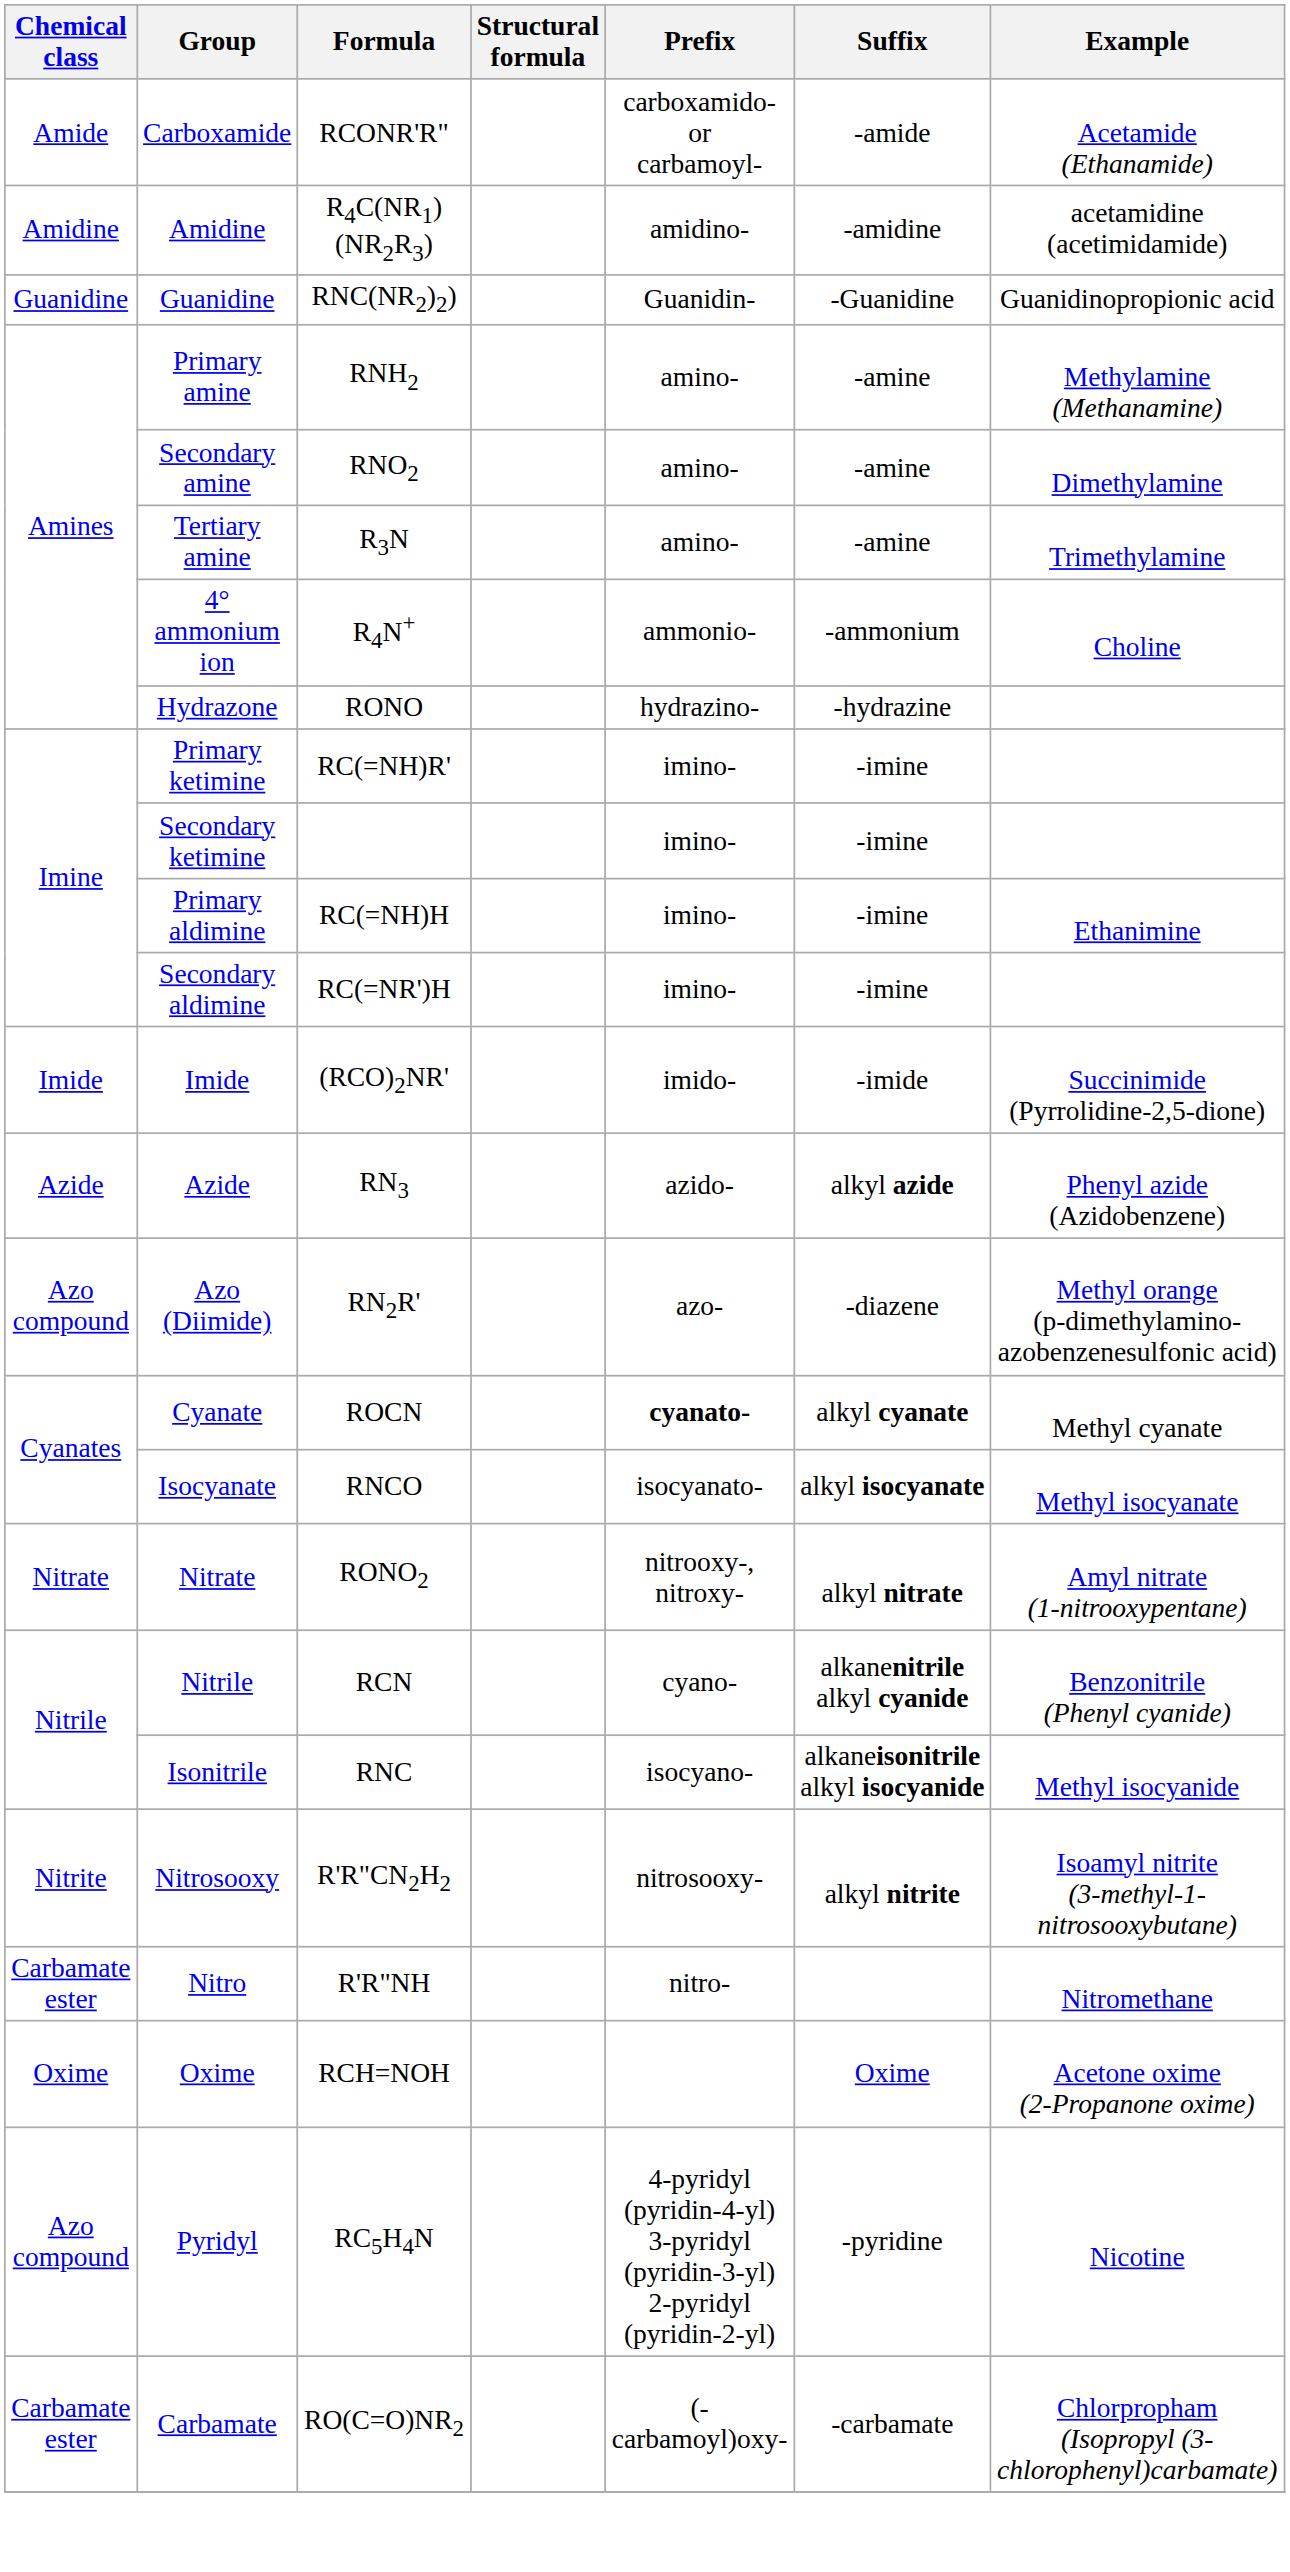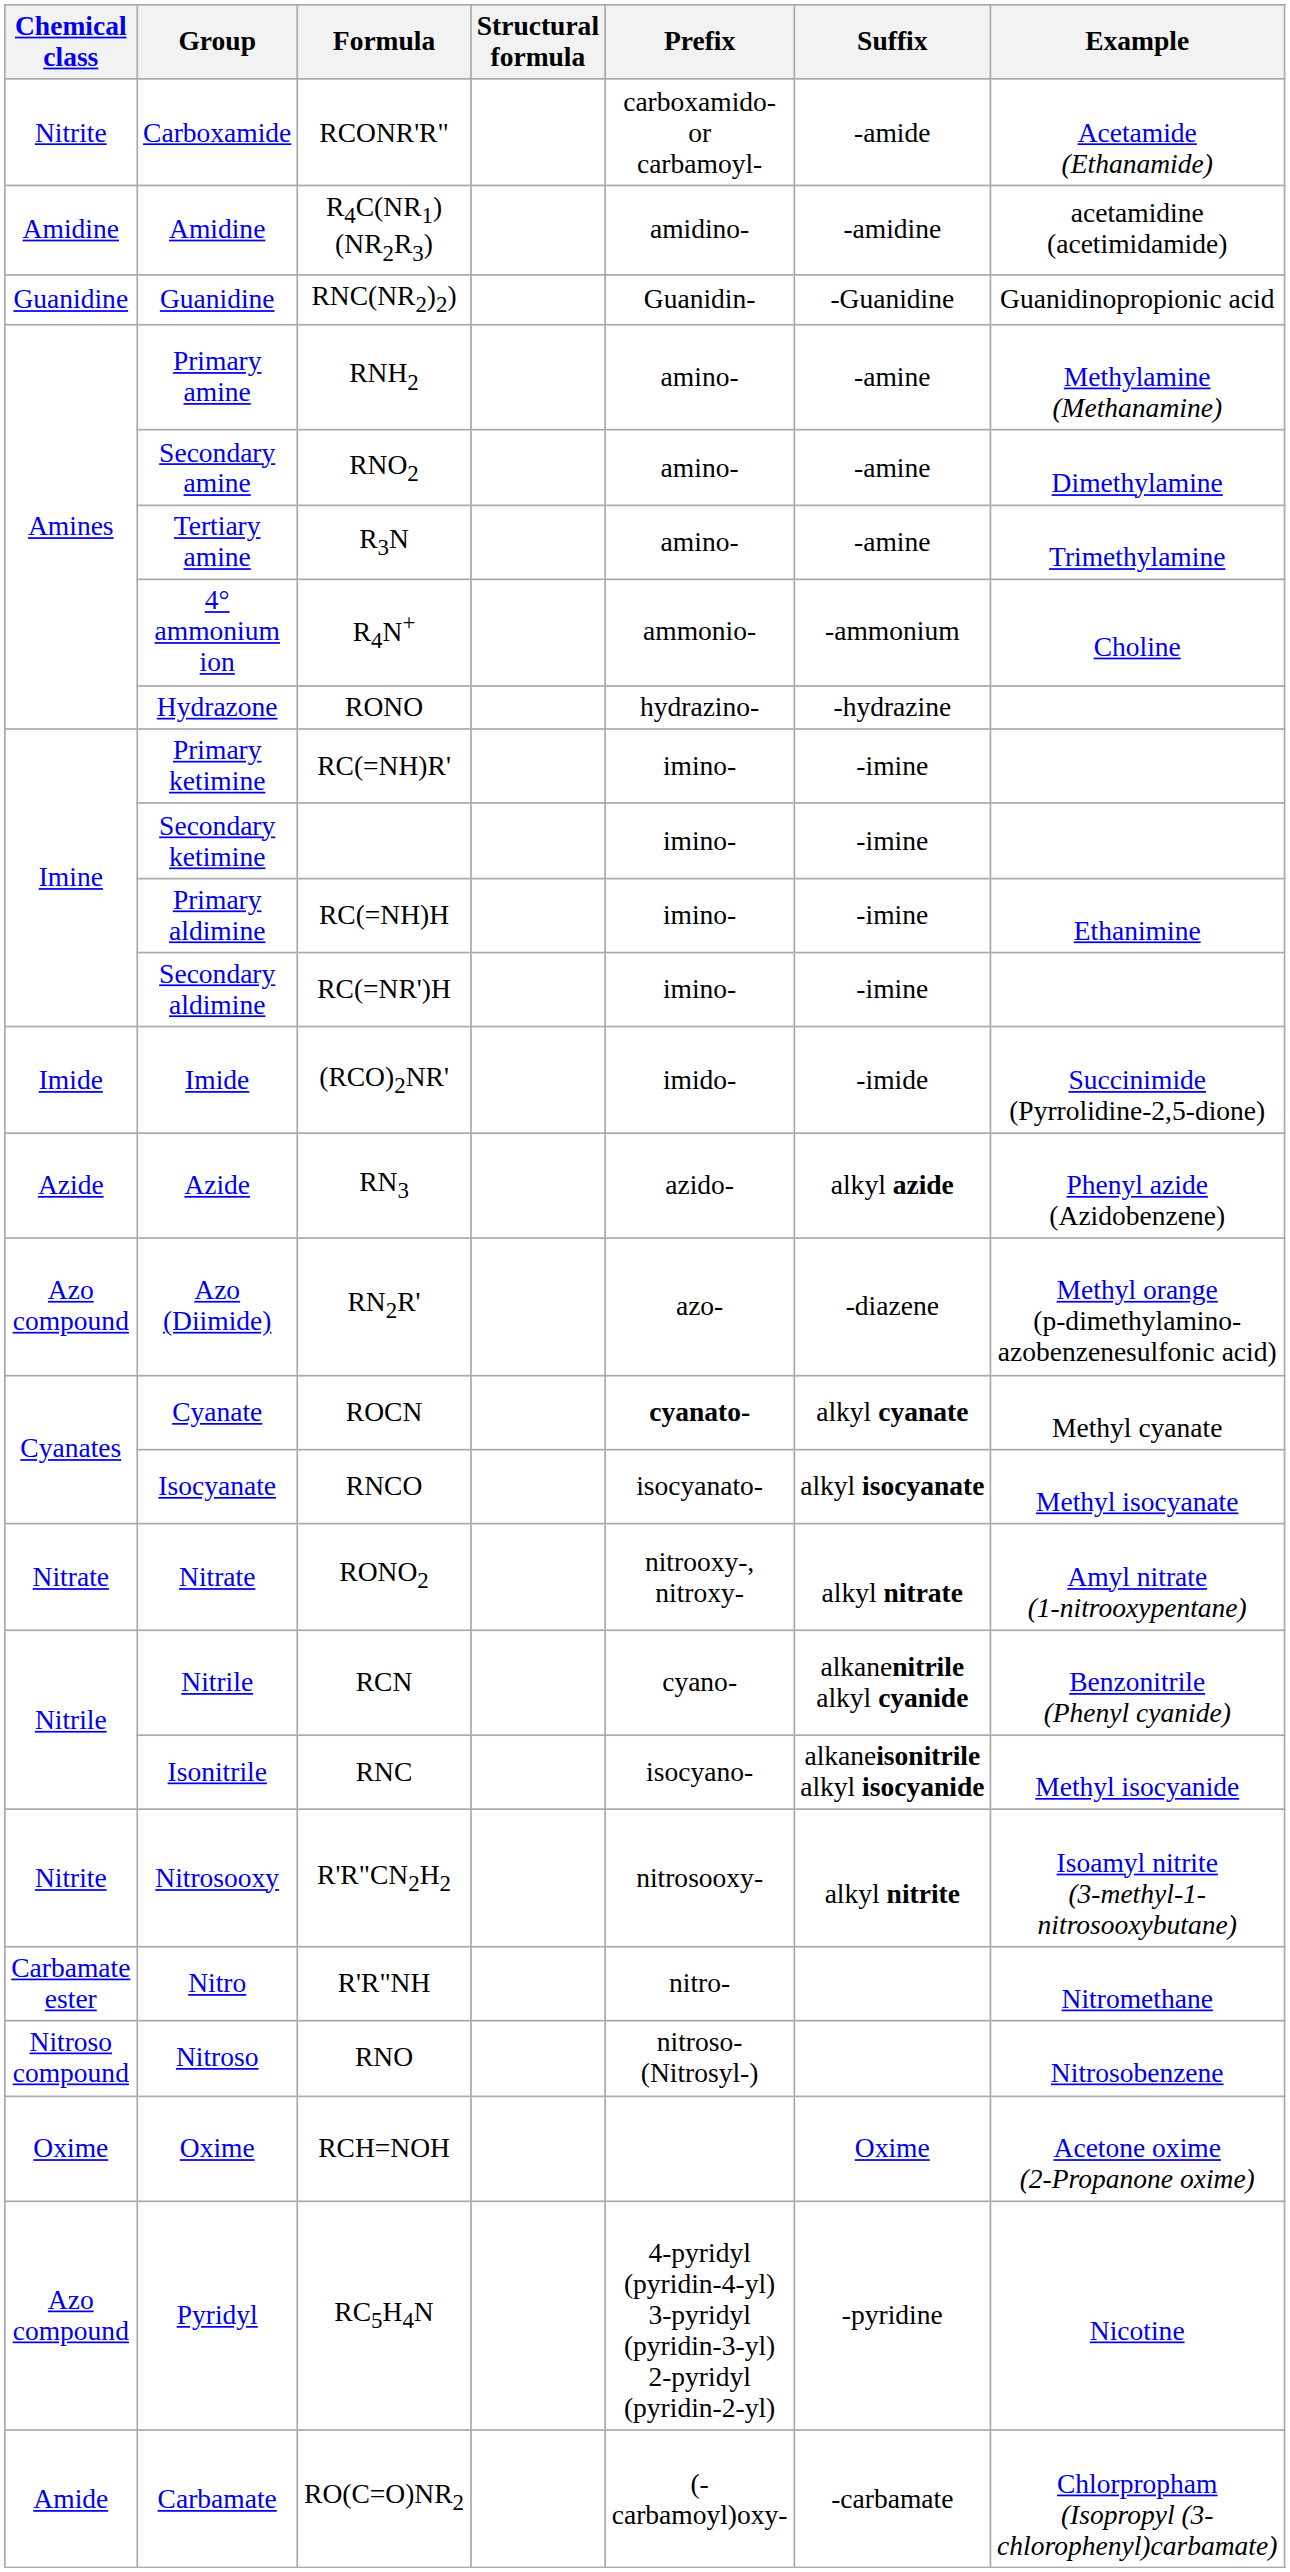 <table class="wikitable" style="background: #ffffff; text-align: center;width:700px">
 <tr>
 <th><a href='#'>Chemical class</a></th>
 <th>Group</th>
 <th>Formula</th>
 <th>Structural formula</th>
 <th>Prefix</th>
 <th>Suffix</th>
 <th>Example</th>
 </tr>
 <tr>
-<td><a href='#'>Amide</a></td>
+<td><a href='#'>Nitrite</a></td>
 <td><a href='#'>Carboxamide</a></td>
 <td>RCONR'R"</td>
 <td></td>
 <td>carboxamido-<br>or<br>carbamoyl-</td>
 <td>-amide</td>
 <td><br><a href='#'>Acetamide</a><br><em>(Ethanamide)</em></td>
 </tr>
 <tr>
 <td><a href='#'>Amidine</a></td>
 <td><a href='#'>Amidine</a></td>
 <td>R<sub>4</sub>C(NR<sub>1</sub>)(NR<sub>2</sub>R<sub>3</sub>)</td>
 <td></td>
 <td>amidino-</td>
 <td>-amidine</td>
 <td>acetamidine<br>(acetimidamide)</td>
 </tr>
 <tr>
 <td><a href='#'>Guanidine</a></td>
 <td><a href='#'>Guanidine</a></td>
 <td>RNC(NR<sub>2</sub>)<sub>2</sub>)</td>
 <td></td>
 <td>Guanidin-</td>
 <td>-Guanidine</td>
 <td>Guanidinopropionic acid</td>
 </tr>
 <tr>
 <td rowspan="5"><a href='#'>Amines</a></td>
 <td><a href='#'>Primary amine</a></td>
 <td>RNH<sub>2</sub></td>
 <td></td>
 <td>amino-</td>
 <td>-amine</td>
 <td><br><a href='#'>Methylamine</a><br><em>(Methanamine)</em></td>
 </tr>
 <tr>
 <td><a href='#'>Secondary amine</a></td>
 <td>RNO<sub>2</sub></td>
 <td></td>
 <td>amino-</td>
 <td>-amine</td>
 <td><br><a href='#'>Dimethylamine</a></td>
 </tr>
 <tr>
 <td><a href='#'>Tertiary amine</a></td>
 <td>R<sub>3</sub>N</td>
 <td></td>
 <td>amino-</td>
 <td>-amine</td>
 <td><br><a href='#'>Trimethylamine</a></td>
 </tr>
 <tr>
 <td><a href='#'>4° ammonium ion</a></td>
 <td>R<sub>4</sub>N<sup>+</sup></td>
 <td></td>
 <td>ammonio-</td>
 <td>-ammonium</td>
 <td><br><a href='#'>Choline</a></td>
 </tr>
 <tr>
 <td><a href='#'>Hydrazone</a></td>
 <td>RONO</td>
 <td></td>
 <td>hydrazino-</td>
 <td>-hydrazine</td>
 <td></td>
 </tr>
 <tr>
 <td rowspan="4"><a href='#'>Imine</a></td>
 <td><a href='#'>Primary ketimine</a></td>
 <td>RC(=NH)R'</td>
 <td></td>
 <td>imino-</td>
 <td>-imine</td>
 <td></td>
 </tr>
 <tr>
 <td><a href='#'>Secondary ketimine</a></td>
 <td></td>
 <td></td>
 <td>imino-</td>
 <td>-imine</td>
 <td></td>
 </tr>
 <tr>
 <td><a href='#'>Primary aldimine</a></td>
 <td>RC(=NH)H</td>
 <td></td>
 <td>imino-</td>
 <td>-imine</td>
 <td><br><a href='#'>Ethanimine</a></td>
 </tr>
 <tr>
 <td><a href='#'>Secondary aldimine</a></td>
 <td>RC(=NR')H</td>
 <td></td>
 <td>imino-</td>
 <td>-imine</td>
 <td></td>
 </tr>
 <tr>
 <td><a href='#'>Imide</a></td>
 <td><a href='#'>Imide</a></td>
 <td>(RCO)<sub>2</sub>NR'</td>
 <td></td>
 <td>imido-</td>
 <td>-imide</td>
 <td><br><a href='#'>Succinimide</a><br>(Pyrrolidine-2,5-dione)</td>
 </tr>
 <tr>
 <td><a href='#'>Azide</a></td>
 <td><a href='#'>Azide</a></td>
 <td>RN<sub>3</sub></td>
 <td></td>
 <td>azido-</td>
 <td>alkyl <strong>azide</strong></td>
 <td><br><a href='#'>Phenyl azide</a><br>(Azidobenzene)</td>
 </tr>
 <tr>
 <td><a href='#'>Azo compound</a></td>
 <td><a href='#'>Azo<br>(Diimide)</a></td>
 <td>RN<sub>2</sub>R'</td>
 <td></td>
 <td>azo-</td>
 <td>-diazene</td>
 <td><br><a href='#'>Methyl orange</a><br>(p-dimethylamino-azobenzenesulfonic acid)</td>
 </tr>
 <tr>
 <td rowspan=2><a href='#'>Cyanates</a></td>
 <td><a href='#'>Cyanate</a></td>
 <td>ROCN</td>
 <td></td>
 <td><strong>cyanato-</strong></td>
 <td>alkyl <strong>cyanate</strong></td>
 <td><br>Methyl cyanate</td>
 </tr>
 <tr>
 <td><a href='#'>Isocyanate</a></td>
 <td>RNCO</td>
 <td></td>
 <td>isocyanato-</td>
 <td>alkyl <strong>isocyanate</strong></td>
 <td><br><a href='#'>Methyl isocyanate</a></td>
 </tr>
 <tr>
 <td><a href='#'>Nitrate</a></td>
 <td><a href='#'>Nitrate</a></td>
 <td>RONO<sub>2</sub></td>
 <td></td>
 <td>nitrooxy-, nitroxy-</td>
 <td><br>alkyl <strong>nitrate</strong></td>
 <td><br><a href='#'>Amyl nitrate</a><br><em>(1-nitrooxypentane)</em></td>
 </tr>
 <tr>
 <td rowspan=2><a href='#'>Nitrile</a></td>
 <td><a href='#'>Nitrile</a></td>
 <td>RCN</td>
 <td></td>
 <td>cyano-</td>
 <td>alkane<strong>nitrile</strong><br>alkyl <strong>cyanide</strong></td>
 <td><br><a href='#'>Benzonitrile</a><br><em>(Phenyl cyanide)</em></td>
 </tr>
 <tr>
 <td><a href='#'>Isonitrile</a></td>
 <td>RNC</td>
 <td></td>
 <td>isocyano-</td>
 <td>alkane<strong>isonitrile</strong><br>alkyl <strong>isocyanide</strong></td>
 <td><br><a href='#'>Methyl isocyanide</a></td>
 </tr>
 <tr>
 <td><a href='#'>Nitrite</a></td>
 <td><a href='#'>Nitrosooxy</a></td>
 <td>R'R"CN<sub>2</sub>H<sub>2</sub></td>
 <td></td>
 <td>nitrosooxy-</td>
 <td><br>alkyl <strong>nitrite</strong></td>
 <td><br><a href='#'>Isoamyl nitrite</a><br><em>(3-methyl-1-nitrosooxybutane)</em></td>
 </tr>
 <tr>
 <td><a href='#'>Carbamate ester</a></td>
 <td><a href='#'>Nitro</a></td>
 <td>R'R"NH</td>
 <td></td>
 <td>nitro-</td>
 <td> </td>
 <td><br><a href='#'>Nitromethane</a></td>
 </tr>
 <tr>
+<td><a href='#'>Nitroso compound</a></td>
+<td><a href='#'>Nitroso</a></td>
+<td>RNO</td>
+<td></td>
+<td>nitroso- (Nitrosyl-)</td>
+<td> </td>
+<td><br><a href='#'>Nitrosobenzene</a></td>
+</tr>
+<tr>
 <td><a href='#'>Oxime</a></td>
 <td><a href='#'>Oxime</a></td>
 <td>RCH=NOH</td>
 <td></td>
 <td> </td>
 <td><a href='#'>Oxime</a></td>
 <td><br><a href='#'>Acetone oxime</a><br><em>(2-Propanone oxime)</em></td>
 </tr>
 <tr>
 <td><a href='#'>Azo compound</a></td>
 <td><a href='#'>Pyridyl</a></td>
 <td>RC<sub>5</sub>H<sub>4</sub>N</td>
 <td><br><br> <br> </td>
 <td><br>4-pyridyl<br>(pyridin-4-yl)<br>3-pyridyl<br>(pyridin-3-yl)<br>2-pyridyl<br>(pyridin-2-yl)</td>
 <td>-pyridine</td>
 <td><br><a href='#'>Nicotine</a></td>
 </tr>
 <tr>
-<td><a href='#'>Carbamate ester</a></td>
+<td><a href='#'>Amide</a></td>
 <td><a href='#'>Carbamate</a></td>
 <td>RO(C=O)NR<sub>2</sub></td>
 <td></td>
 <td>(-carbamoyl)oxy-</td>
 <td>-carbamate</td>
 <td><br><a href='#'>Chlorpropham</a><br><em>(Isopropyl (3-chlorophenyl)carbamate)</em></td>
 </tr>
 <tr>
 </tr>
 </table>
